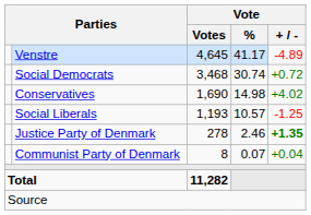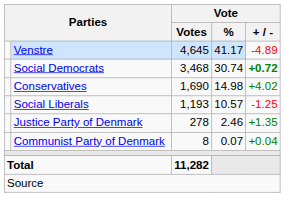 <table class="wikitable" style="text-align:right;">
 <tr>
 <th style="text-align:centre;" rowspan="2" colspan="2" width="225">Parties</th>
 <th colspan="3">Vote</th>
 </tr>
 <tr>
 <th width="15">Votes</th>
 <th width="15">%</th>
 <th width="15">+ / -</th>
 </tr>
 <tr>
 <td width="2" style="color:inherit;background:"></td>
 <td bgcolor=#cfe5fe  align="left"><a href='#'>Venstre</a></td>
 <td bgcolor=#cfe5fe>4,645</td>
 <td bgcolor=#cfe5fe>41.17</td>
 <td style=color:red;>-4.89</td>
 </tr>
 <tr>
 <td width="2" style="color:inherit;background:"></td>
 <td align="left"><a href='#'>Social Democrats</a></td>
 <td>3,468</td>
 <td>30.74</td>
-<td style=color:green;>+0.72</td>
+<td style=color:green;><strong>+0.72</strong></td>
 </tr>
 <tr>
 <td width="2" style="color:inherit;background:"></td>
 <td align="left"><a href='#'>Conservatives</a></td>
 <td>1,690</td>
 <td>14.98</td>
 <td style=color:green;>+4.02</td>
 </tr>
 <tr>
 <td width="2" style="color:inherit;background:"></td>
 <td align="left"><a href='#'>Social Liberals</a></td>
 <td>1,193</td>
 <td>10.57</td>
 <td style=color:red;>-1.25</td>
 </tr>
 <tr>
 <td width="2" style="color:inherit;background:"></td>
 <td align="left"><a href='#'>Justice Party of Denmark</a></td>
 <td>278</td>
 <td>2.46</td>
-<td style=color:green;><strong>+1.35</strong></td>
+<td style=color:green;>+1.35</td>
 </tr>
 <tr>
 <td width="2" style="color:inherit;background:"></td>
 <td align="left"><a href='#'>Communist Party of Denmark</a></td>
 <td>8</td>
 <td>0.07</td>
 <td style=color:green;>+0.04</td>
 </tr>
 <tr>
 <td colspan="7" bgcolor="#E9E9E9"></td>
 </tr>
 <tr>
 <td align="left" colspan="2"><strong>Total</strong></td>
 <td><strong>11,282</strong></td>
 <td bgcolor="#E9E9E9" colspan="2"></td>
 </tr>
 <tr>
 <td align="left" colspan="6">Source</td>
 </tr>
 </table>
